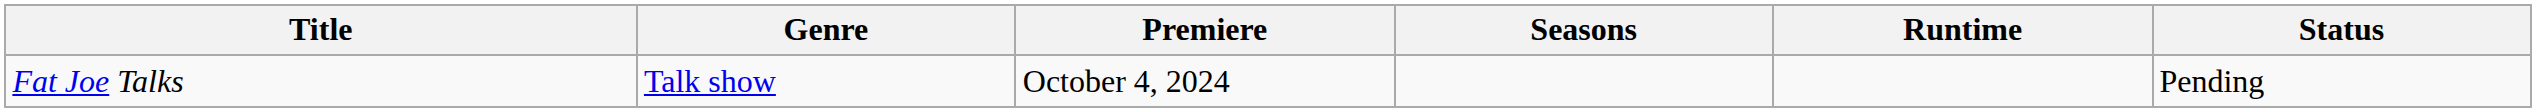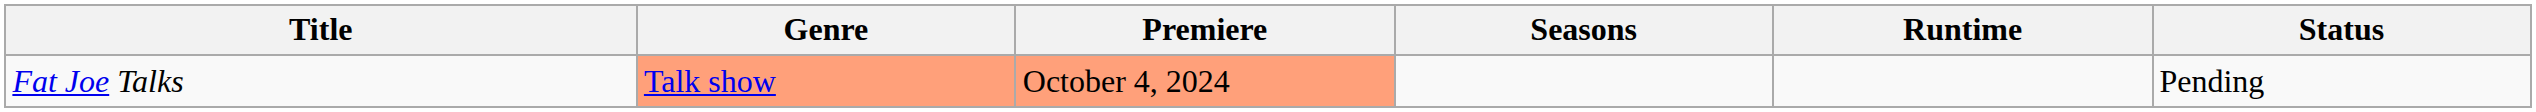 <table class="wikitable sortable" style="width:100%;">
 <tr>
 <th style="width:25%;">Title</th>
 <th style="width:15%;">Genre</th>
 <th style="width:15%;">Premiere</th>
 <th style="width:15%;">Seasons</th>
 <th style="width:15%;">Runtime</th>
 <th style="width:15%;">Status</th>
 </tr>
 <tr>
 <td><em><a href='#'>Fat Joe</a> Talks</em></td>
-<td><a href='#'>Talk show</a></td>
-<td>October 4, 2024</td>
+<td style="background: lightsalmon;"><a href='#'>Talk show</a></td>
+<td style="background: lightsalmon;">October 4, 2024</td>
 <td></td>
 <td></td>
 <td>Pending</td>
 </tr>
 <tr>
 </tr>
 </table>
